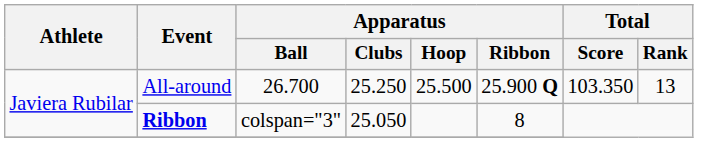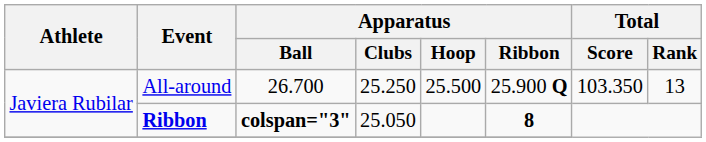 <table class=wikitable style=font-size:90%;text-align:center>
 <tr>
 <th rowspan=2>Athlete</th>
 <th rowspan=2>Event</th>
 <th colspan=4>Apparatus</th>
 <th colspan=2>Total</th>
 </tr>
 <tr style=font-size:95%>
 <th>Ball</th>
 <th>Clubs</th>
 <th>Hoop</th>
 <th>Ribbon</th>
 <th>Score</th>
 <th>Rank</th>
 </tr>
 <tr>
 <td align=left rowspan="2"><a href='#'>Javiera Rubilar</a></td>
 <td align=left><a href='#'>All-around</a></td>
 <td>26.700</td>
 <td>25.250</td>
 <td>25.500</td>
 <td>25.900 <strong>Q</strong></td>
 <td>103.350</td>
 <td>13</td>
 </tr>
 <tr>
 <td align=left><strong><a href='#'>Ribbon</a></strong></td>
-<td>colspan="3" </td>
+<td><strong>colspan="3" </strong></td>
 <td>25.050</td>
 <td></td>
-<td>8</td>
+<td><strong>8</strong></td>
 </tr>
 <tr>
 </tr>
 </table>
